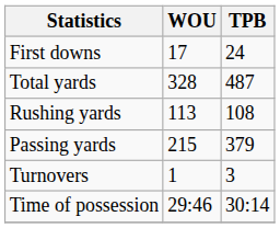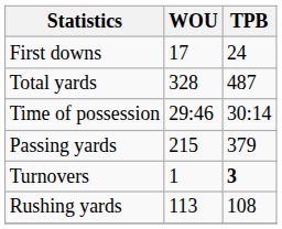 <table class="wikitable" style="float: left;">
 <tr>
 <th>Statistics</th>
 <th>WOU</th>
 <th>TPB</th>
 </tr>
 <tr>
 <td>First downs</td>
 <td>17</td>
 <td>24</td>
 </tr>
 <tr>
 <td>Total yards</td>
 <td>328</td>
 <td>487</td>
 </tr>
 <tr>
-<td>Rushing yards</td>
-<td>113</td>
-<td>108</td>
+<td>Time of possession</td>
+<td>29:46</td>
+<td>30:14</td>
 </tr>
 <tr>
 <td>Passing yards</td>
 <td>215</td>
 <td>379</td>
 </tr>
 <tr>
 <td>Turnovers</td>
 <td>1</td>
-<td>3</td>
+<td><strong>3</strong></td>
 </tr>
 <tr>
-<td>Time of possession</td>
-<td>29:46</td>
-<td>30:14</td>
+<td>Rushing yards</td>
+<td>113</td>
+<td>108</td>
 </tr>
 <tr>
 </tr>
 </table>
